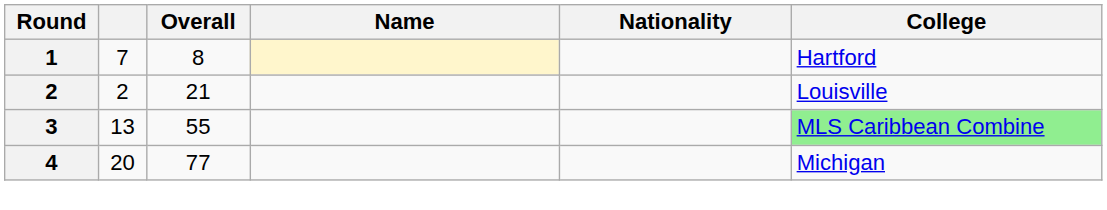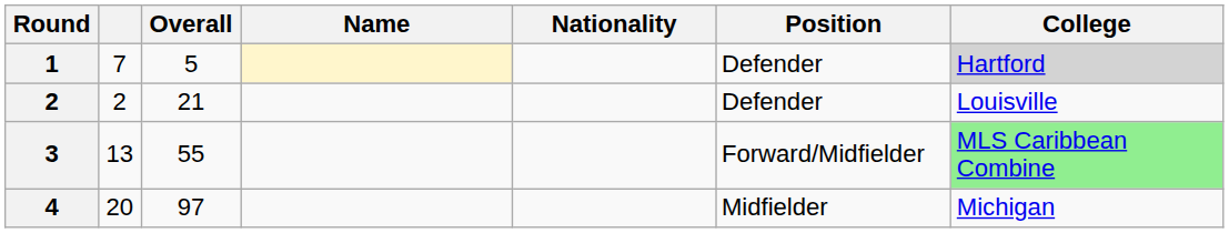 <table class="wikitable sortable" style="width:90%">
 <tr>
 <th scope="col" style="width: 3%;">Round</th>
 <th scope="col" style="width: 3%;"></th>
 <th scope="col" style="width: 4%;">Overall</th>
 <th scope="col" style="width: 20%;">Name</th>
 <th scope="col" style="width: 15%;">Nationality</th>
+<th scope="col" style="width: 15%;">Position</th>
 <th scope="col" style="width: 20%;">College</th>
 </tr>
 <tr>
 <th scope="row">1</th>
 <td align="center">7</td>
-<td align="center">8</td>
+<td align="center">5</td>
 <td style="background-color:#fff6cc;"> </td>
 <td></td>
-<td><a href='#'>Hartford</a></td>
+<td>Defender</td>
+<td style="background: lightgrey;"><a href='#'>Hartford</a></td>
 </tr>
 <tr>
 <th scope="row">2</th>
 <td align="center">2</td>
 <td align="center">21</td>
 <td></td>
 <td></td>
+<td>Defender</td>
 <td><a href='#'>Louisville</a></td>
 </tr>
 <tr>
 <th scope="row">3</th>
 <td align="center">13</td>
 <td align="center">55</td>
 <td></td>
 <td></td>
+<td>Forward/Midfielder</td>
 <td style="background: lightgreen;"><a href='#'>MLS Caribbean Combine</a></td>
 </tr>
 <tr>
 <th scope="row">4</th>
 <td align="center">20</td>
-<td align="center">77</td>
+<td align="center">97</td>
 <td></td>
 <td></td>
+<td>Midfielder</td>
 <td><a href='#'>Michigan</a></td>
 </tr>
 </table>
